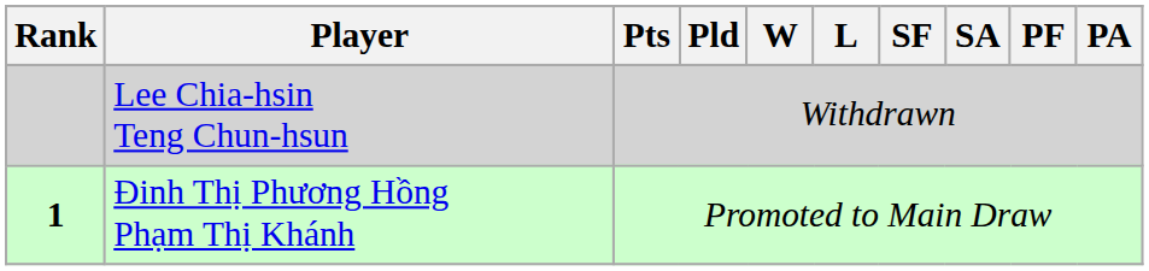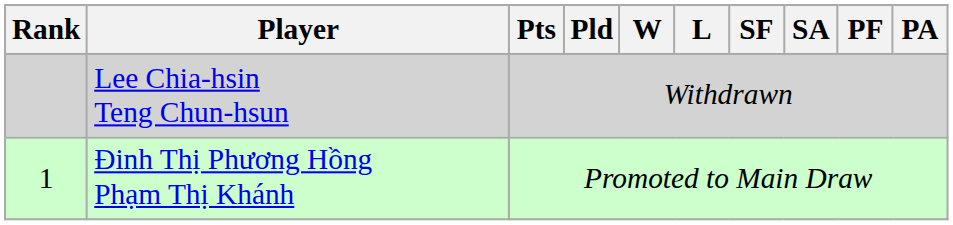 <table class=wikitable style="text-align:center; font-size:90%">
 <tr>
 <th width="20">Rank</th>
 <th width="200">Player</th>
 <th width="20">Pts</th>
 <th width="20">Pld</th>
 <th width="20">W</th>
 <th width="20">L</th>
 <th width="20">SF</th>
 <th width="20">SA</th>
 <th width="20">PF</th>
 <th width="20">PA</th>
 </tr>
 <tr bgcolor="lightgray">
 <td></td>
 <td style="text-align:left"> <a href='#'>Lee Chia-hsin</a><br> <a href='#'>Teng Chun-hsun</a></td>
 <td colspan="8"><em>Withdrawn</em></td>
 </tr>
 <tr bgcolor="#ccffcc">
-<td><strong>1</strong></td>
+<td>1</td>
 <td style="text-align:left"> <a href='#'>Đinh Thị Phương Hồng</a><br> <a href='#'>Phạm Thị Khánh</a></td>
 <td bgcolor="#ccffcc" colspan="8"><em>Promoted to Main Draw</em></td>
 </tr>
 </table>
